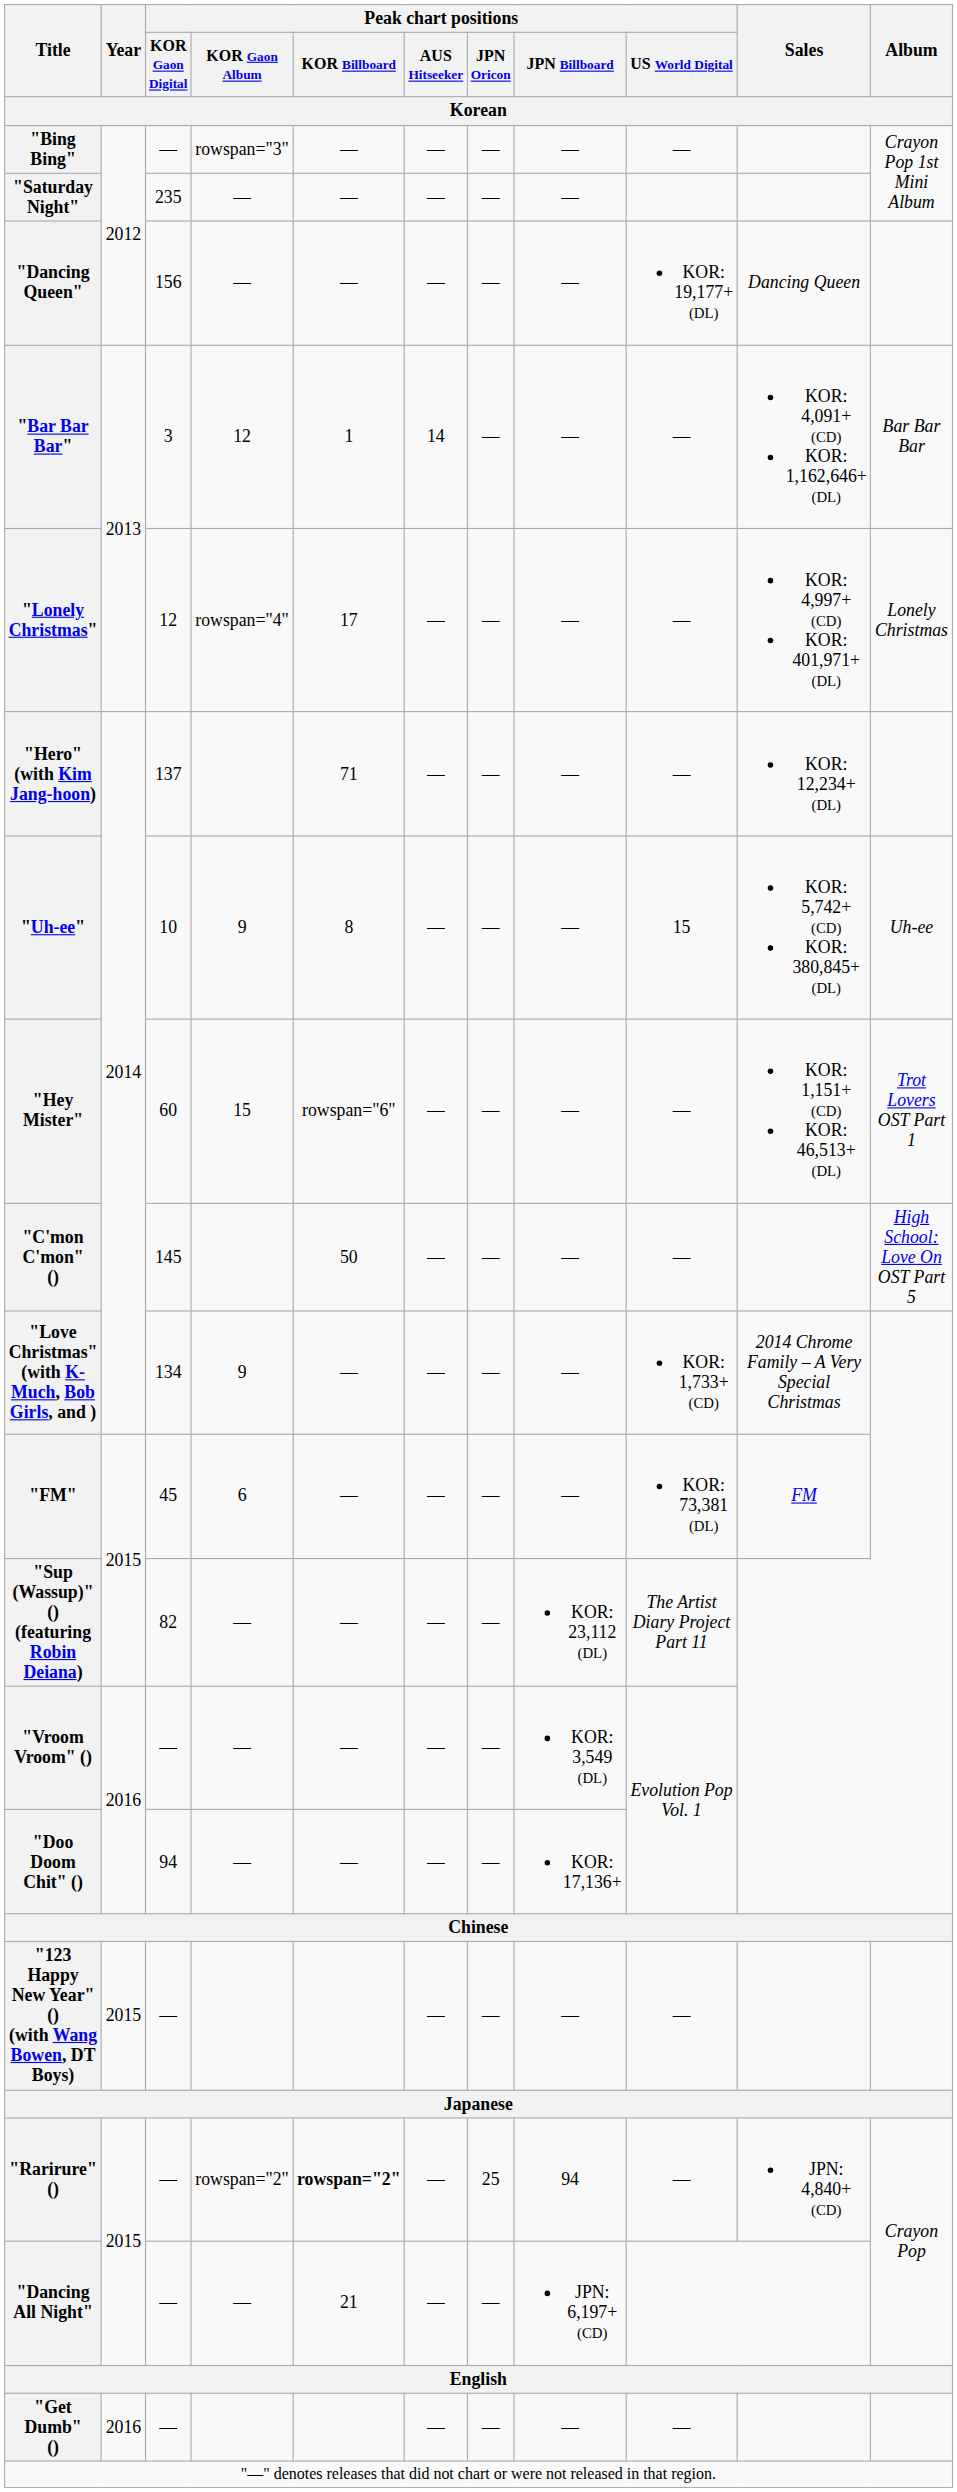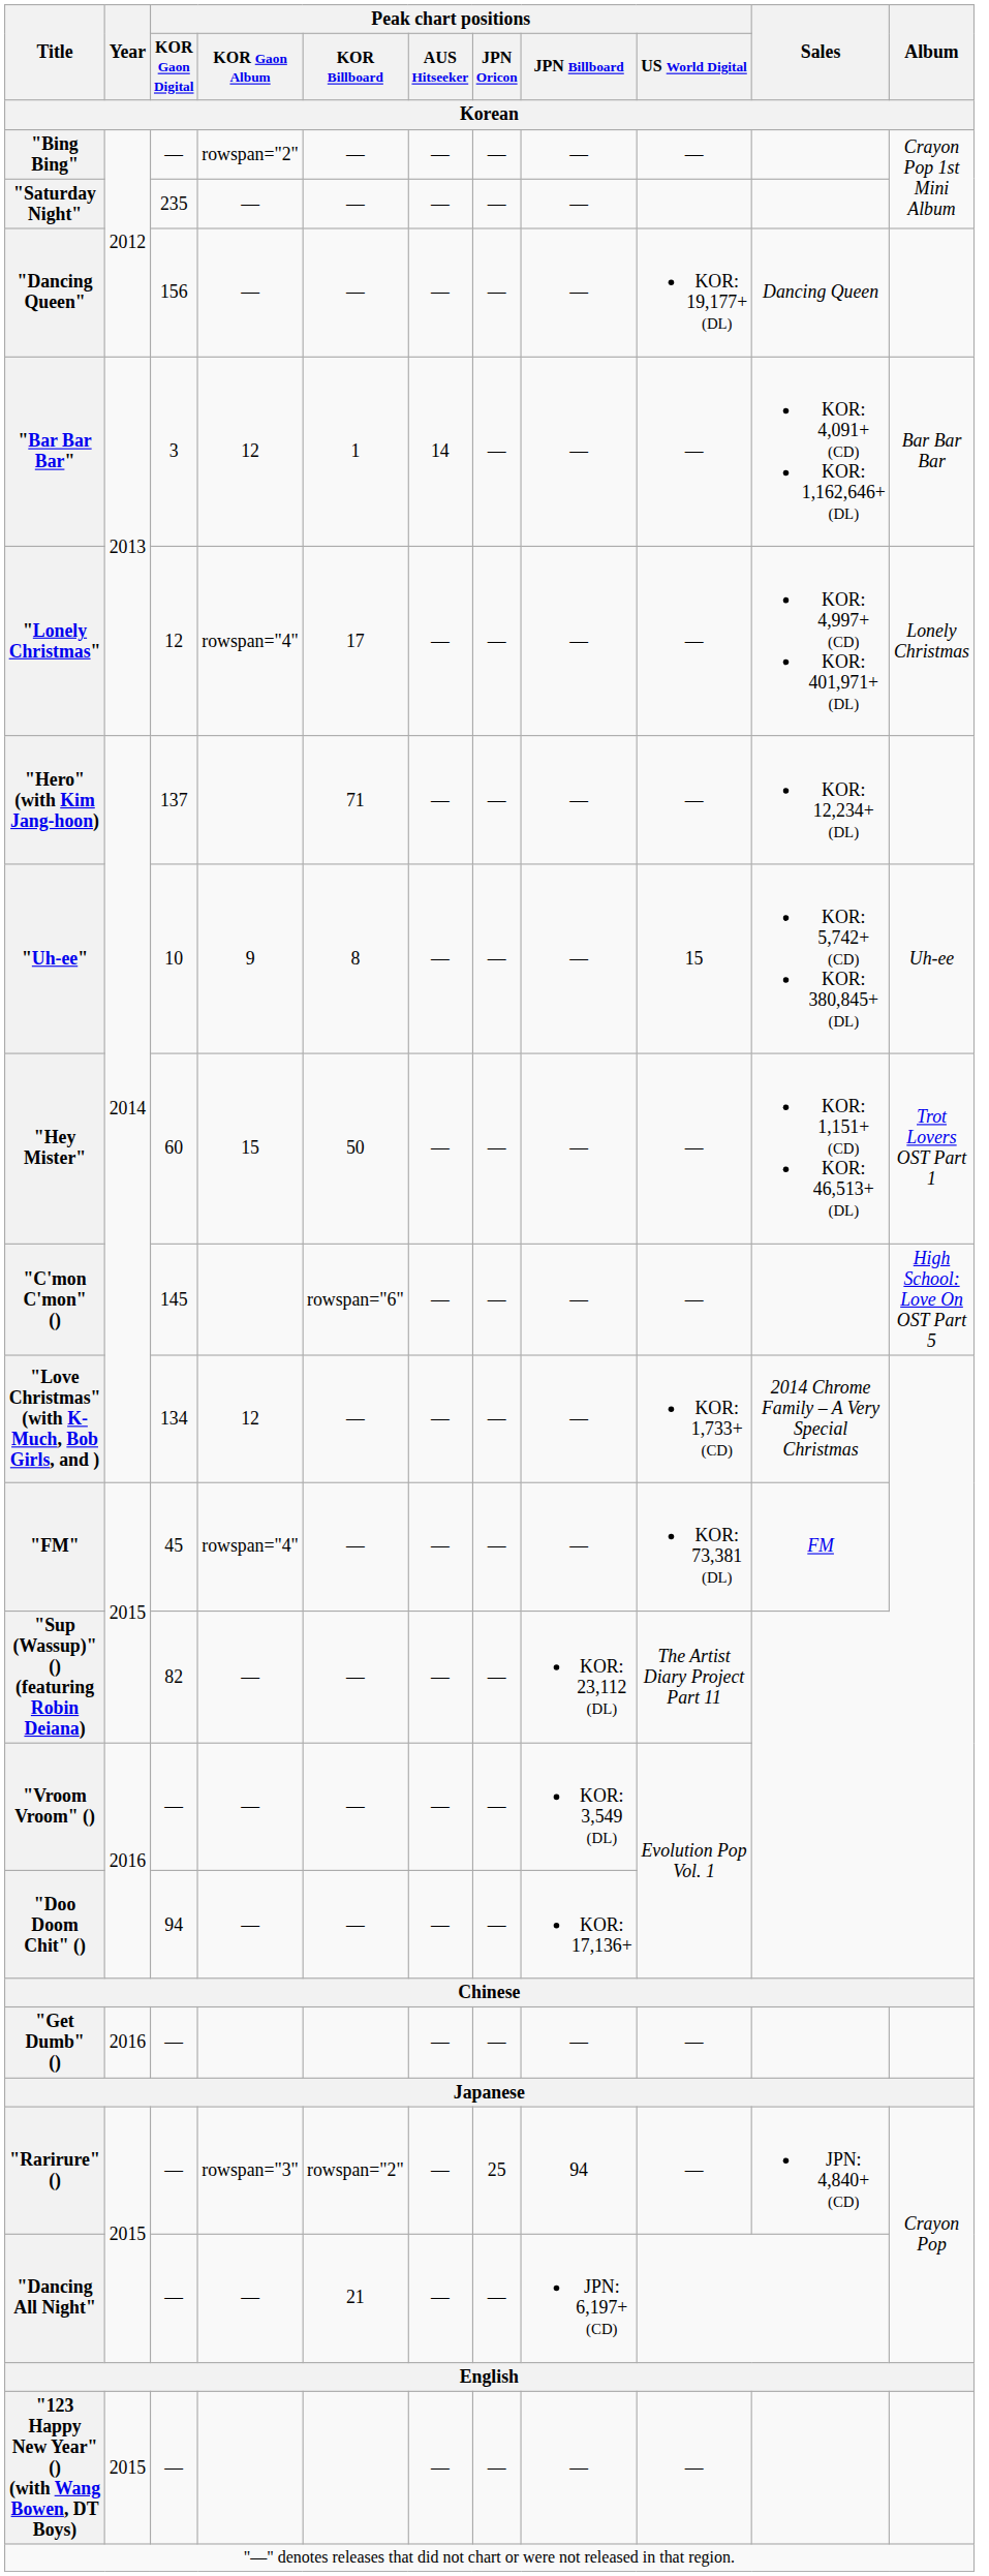 <table class="wikitable plainrowheaders" style="text-align:center;" border="1">
 <tr>
 <th scope="col" rowspan="2" style="width:15em;">Title</th>
 <th scope="col" rowspan="2">Year</th>
 <th scope="col" colspan="7">Peak chart positions</th>
 <th scope="col" rowspan="2">Sales</th>
 <th scope="col" rowspan="2">Album</th>
 </tr>
 <tr>
 <th scope="col" style="width:3em;font-size:90%;">KOR <small><a href='#'>Gaon Digital</a></small><br></th>
 <th scope="col" style="width:3em;font-size:90%;">KOR <small><a href='#'>Gaon Album</a></small><br></th>
 <th scope="col" style="width:3em;font-size:90%;">KOR <small><a href='#'>Billboard</a></small><br></th>
 <th scope="col" style="width:3em;font-size:90%;">AUS <small><a href='#'>Hitseeker</a></small><br></th>
 <th scope="col" style="width:3em;font-size:90%;">JPN <small><a href='#'>Oricon</a></small><br></th>
 <th scope="col" style="width:3em;font-size:90%;">JPN <small><a href='#'>Billboard</a></small><br></th>
 <th scope="col" style="width:3em;font-size:90%;">US <small><a href='#'>World Digital</a></small><br></th>
 </tr>
 <tr>
 <th scope="col" colspan="11">Korean</th>
 </tr>
 <tr>
 <th scope="row">"Bing Bing"</th>
 <td rowspan="3">2012</td>
 <td>—</td>
-<td>rowspan="3" </td>
+<td>rowspan="2" </td>
 <td>—</td>
 <td>—</td>
 <td>—</td>
 <td>—</td>
 <td>—</td>
 <td></td>
 <td rowspan="2"><em>Crayon Pop 1st Mini Album</em></td>
 </tr>
 <tr>
 <th scope="row">"Saturday Night"</th>
 <td>235</td>
 <td>—</td>
 <td>—</td>
 <td>—</td>
 <td>—</td>
 <td>—</td>
 <td></td>
 </tr>
 <tr>
 <th scope="row">"Dancing Queen"</th>
 <td>156</td>
 <td>—</td>
 <td>—</td>
 <td>—</td>
 <td>—</td>
 <td>—</td>
 <td><br><ul><li>KOR: 19,177+ <small>(DL)</small></li></ul></td>
 <td><em>Dancing Queen</em></td>
 </tr>
 <tr>
 <th scope="row">"<a href='#'>Bar Bar Bar</a>"</th>
 <td rowspan="2">2013</td>
 <td>3</td>
 <td>12</td>
 <td>1</td>
 <td>14</td>
 <td>—</td>
 <td>—</td>
 <td>—</td>
 <td><br><ul><li>KOR: 4,091+ <small>(CD)</small></li><li>KOR: 1,162,646+ <small>(DL)</small></li></ul></td>
 <td><em>Bar Bar Bar</em></td>
 </tr>
 <tr>
 <th scope="row">"<a href='#'>Lonely Christmas</a>"</th>
 <td>12</td>
 <td>rowspan="4" </td>
 <td>17</td>
 <td>—</td>
 <td>—</td>
 <td>—</td>
 <td>—</td>
 <td><br><ul><li>KOR: 4,997+ <small>(CD)</small></li><li>KOR: 401,971+ <small>(DL)</small></li></ul></td>
 <td><em>Lonely Christmas</em></td>
 </tr>
 <tr>
 <th scope="row">"Hero" <br><span>(with <a href='#'>Kim Jang-hoon</a>)</span></th>
 <td rowspan="5">2014</td>
 <td>137</td>
 <td></td>
 <td>71</td>
 <td>—</td>
 <td>—</td>
 <td>—</td>
 <td>—</td>
 <td><br><ul><li>KOR: 12,234+ <small>(DL)</small></li></ul></td>
 <td></td>
 </tr>
 <tr>
 <th scope="row">"<a href='#'>Uh-ee</a>"</th>
 <td>10</td>
 <td>9</td>
 <td>8</td>
 <td>—</td>
 <td>—</td>
 <td>—</td>
 <td>15</td>
 <td><br><ul><li>KOR: 5,742+ <small>(CD)</small></li><li>KOR: 380,845+ <small>(DL)</small></li></ul></td>
 <td><em>Uh-ee</em></td>
 </tr>
 <tr>
 <th scope="row">"Hey Mister"</th>
 <td>60</td>
 <td>15</td>
-<td>rowspan="6" </td>
+<td>50</td>
 <td>—</td>
 <td>—</td>
 <td>—</td>
 <td>—</td>
 <td><br><ul><li>KOR: 1,151+ <small>(CD)</small></li><li>KOR: 46,513+ <small>(DL)</small></li></ul></td>
 <td><em><a href='#'>Trot Lovers</a> OST Part 1</em></td>
 </tr>
 <tr>
 <th scope="row">"C'mon C'mon" <br>()</th>
 <td>145</td>
 <td></td>
-<td>50</td>
+<td>rowspan="6" </td>
 <td>—</td>
 <td>—</td>
 <td>—</td>
 <td>—</td>
 <td></td>
 <td><em><a href='#'>High School: Love On</a> OST Part 5</em></td>
 </tr>
 <tr>
 <th scope="row">"Love Christmas" <br><span>(with <a href='#'>K-Much</a>, <a href='#'>Bob Girls</a>, and )</span></th>
 <td>134</td>
-<td>9</td>
+<td>12</td>
 <td>—</td>
 <td>—</td>
 <td>—</td>
 <td>—</td>
 <td><br><ul><li>KOR: 1,733+ <small>(CD)</small></li></ul></td>
 <td><em>2014 Chrome Family – A Very Special Christmas</em></td>
 </tr>
 <tr>
 <th scope="row">"FM"</th>
 <td rowspan="2">2015</td>
 <td>45</td>
-<td>6</td>
+<td>rowspan="4" </td>
 <td>—</td>
 <td>—</td>
 <td>—</td>
 <td>—</td>
 <td><br><ul><li>KOR: 73,381 <small>(DL)</small></li></ul></td>
 <td><em><a href='#'>FM</a></em></td>
 </tr>
 <tr>
 <th scope="row">"Sup (Wassup)" ()<br><span>(featuring <a href='#'>Robin Deiana</a>)</span></th>
 <td>82</td>
 <td>—</td>
 <td>—</td>
 <td>—</td>
 <td>—</td>
 <td><br><ul><li>KOR: 23,112 <small>(DL)</small></li></ul></td>
 <td><em>The Artist Diary Project Part 11</em></td>
 </tr>
 <tr>
 <th scope="row">"Vroom Vroom" ()</th>
 <td rowspan="2">2016</td>
 <td>—</td>
 <td>—</td>
 <td>—</td>
 <td>—</td>
 <td>—</td>
 <td><br><ul><li>KOR: 3,549 <small>(DL)</small></li></ul></td>
 <td rowspan="2"><em>Evolution Pop Vol. 1</em></td>
 </tr>
 <tr>
 <th scope="row">"Doo Doom Chit" ()</th>
 <td>94</td>
 <td>—</td>
 <td>—</td>
 <td>—</td>
 <td>—</td>
 <td><br><ul><li>KOR: 17,136+</li></ul></td>
 </tr>
 <tr>
 <th scope="col" colspan="11">Chinese</th>
 </tr>
 <tr>
-<th scope="row">"123 Happy New Year" <br>()<br><span>(with <a href='#'>Wang Bowen</a>, DT Boys)</span></th>
-<td>2015</td>
+<th scope="row">"Get Dumb" <br>()</th>
+<td>2016</td>
 <td>—</td>
 <td></td>
 <td></td>
 <td>—</td>
 <td>—</td>
 <td>—</td>
 <td>—</td>
 <td></td>
 <td></td>
 </tr>
 <tr>
 <th scope="col" colspan="11">Japanese</th>
 </tr>
 <tr>
 <th scope="row">"Rarirure" ()</th>
 <td rowspan="2">2015</td>
 <td>—</td>
+<td>rowspan="3" </td>
 <td>rowspan="2" </td>
-<td><strong>rowspan="2" </strong></td>
 <td>—</td>
 <td>25</td>
 <td>94</td>
 <td>—</td>
 <td><br><ul><li>JPN: 4,840+ <small>(CD)</small></li></ul></td>
 <td rowspan="2"><em>Crayon Pop</em></td>
 </tr>
 <tr>
 <th scope="row">"Dancing All Night"</th>
 <td>—</td>
 <td>—</td>
 <td>21</td>
 <td>—</td>
 <td>—</td>
 <td><br><ul><li>JPN: 6,197+ <small>(CD)</small></li></ul></td>
 </tr>
 <tr>
 <th scope="col" colspan="11">English</th>
 </tr>
 <tr>
-<th scope="row">"Get Dumb" <br>()</th>
-<td>2016</td>
+<th scope="row">"123 Happy New Year" <br>()<br><span>(with <a href='#'>Wang Bowen</a>, DT Boys)</span></th>
+<td>2015</td>
 <td>—</td>
 <td></td>
 <td></td>
 <td>—</td>
 <td>—</td>
 <td>—</td>
 <td>—</td>
 <td></td>
 <td></td>
 </tr>
 <tr>
 <td colspan="11" style="font-size:90%">"—" denotes releases that did not chart or were not released in that region.</td>
 </tr>
 </table>
